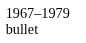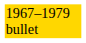 <table width="90">
 <tr>
 <td></td>
 </tr>
 <tr>
-<td><div>1967–1979 bullet</div></td>
+<td style="background: gold;"><div>1967–1979 bullet</div></td>
 </tr>
 </table>
